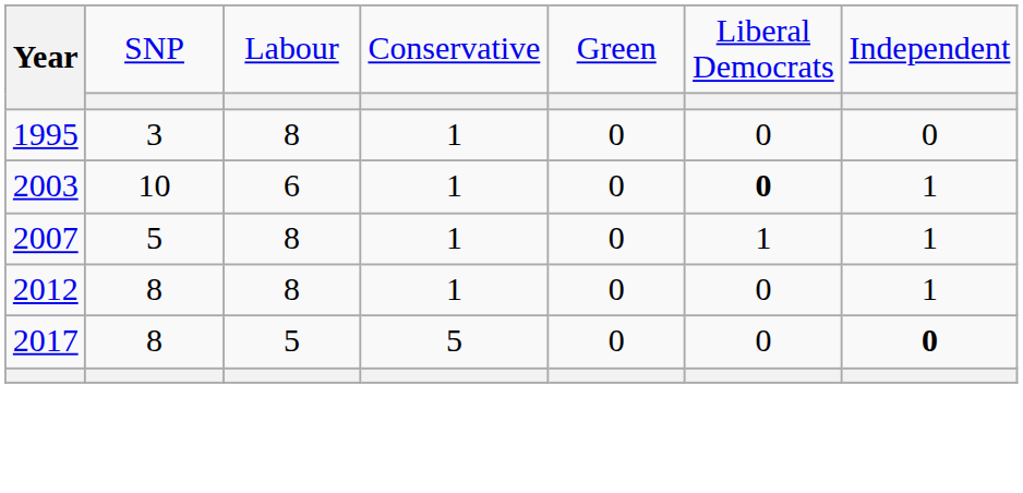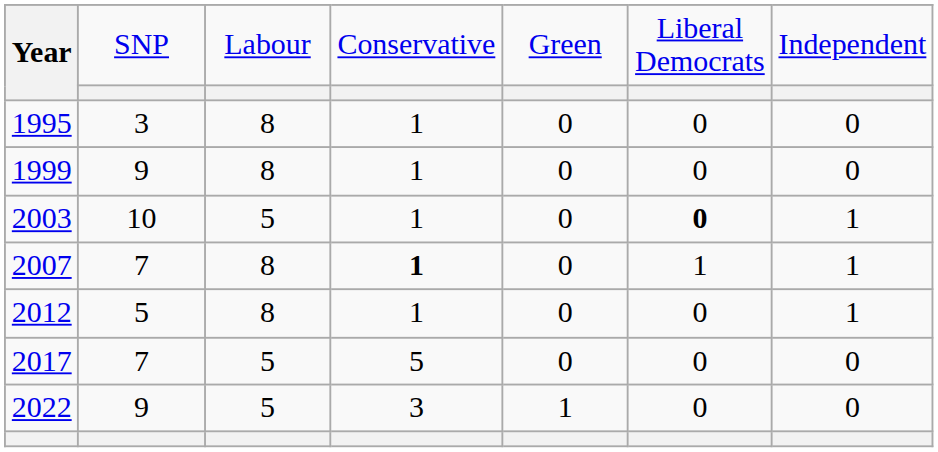 <table class=wikitable style=text-align:center>
 <tr>
 <th rowspan=2>Year</th>
 <td width="60"><a href='#'>SNP</a></td>
 <td width="60"><a href='#'>Labour</a></td>
 <td width="60"><a href='#'>Conservative</a></td>
 <td width="60"><a href='#'>Green</a></td>
 <td width="60"><a href='#'>Liberal Democrats</a></td>
 <td width="60"><a href='#'>Independent</a></td>
 </tr>
 <tr>
 <th style="background-color: "></th>
 <th style="background-color: "></th>
 <th style="background-color: "></th>
 <th style="background-color: "></th>
 <th style="background-color: "></th>
 <th style="background-color: "></th>
 </tr>
 <tr>
 <td><a href='#'>1995</a></td>
 <td>3</td>
 <td>8</td>
 <td>1</td>
 <td>0</td>
 <td>0</td>
 <td>0</td>
 </tr>
 <tr>
+<td><a href='#'>1999</a></td>
+<td>9</td>
+<td>8</td>
+<td>1</td>
+<td>0</td>
+<td>0</td>
+<td>0</td>
+</tr>
+<tr>
 <td><a href='#'>2003</a></td>
 <td>10</td>
-<td>6</td>
+<td>5</td>
 <td>1</td>
 <td>0</td>
 <td><strong>0</strong></td>
 <td>1</td>
 </tr>
 <tr>
 <td><a href='#'>2007</a></td>
-<td>5</td>
+<td>7</td>
 <td>8</td>
-<td>1</td>
+<td><strong>1</strong></td>
 <td>0</td>
 <td>1</td>
 <td>1</td>
 </tr>
 <tr>
 <td><a href='#'>2012</a></td>
-<td>8</td>
+<td>5</td>
 <td>8</td>
 <td>1</td>
 <td>0</td>
 <td>0</td>
 <td>1</td>
 </tr>
 <tr>
 <td><a href='#'>2017</a></td>
-<td>8</td>
+<td>7</td>
 <td>5</td>
 <td>5</td>
 <td>0</td>
 <td>0</td>
-<td><strong>0</strong></td>
+<td>0</td>
+</tr>
+<tr>
+<td><a href='#'>2022</a></td>
+<td>9</td>
+<td>5</td>
+<td>3</td>
+<td>1</td>
+<td>0</td>
+<td>0</td>
 </tr>
 <tr>
 <th></th>
 <th style="background-color: "></th>
 <th style="background-color: "></th>
 <th style="background-color: "></th>
 <th style="background-color: "></th>
 <th style="background-color: "></th>
 <th style="background-color: "></th>
 </tr>
 </table>
